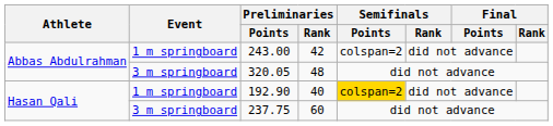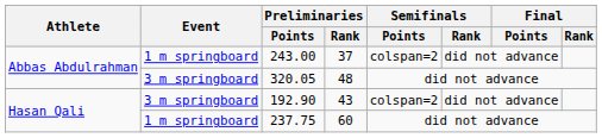 <table class=wikitable style="font-size:90%;">
 <tr>
 <th rowspan="2">Athlete</th>
 <th rowspan="2">Event</th>
 <th colspan="2">Preliminaries</th>
 <th colspan="2">Semifinals</th>
 <th colspan="2">Final</th>
 </tr>
 <tr style="font-size:95%">
 <th>Points</th>
 <th>Rank</th>
 <th>Points</th>
 <th>Rank</th>
 <th>Points</th>
 <th>Rank</th>
 </tr>
 <tr align=center>
 <td align=left rowspan=2><a href='#'>Abbas Abdulrahman</a></td>
 <td align=left><a href='#'>1 m springboard</a></td>
 <td>243.00</td>
-<td>42</td>
+<td>37</td>
 <td>colspan=2 </td>
 <td colspan=2>did not advance</td>
 </tr>
 <tr align=center>
 <td align=left><a href='#'>3 m springboard</a></td>
 <td>320.05</td>
 <td>48</td>
 <td colspan=4>did not advance</td>
 </tr>
 <tr align=center>
 <td align=left rowspan=2><a href='#'>Hasan Qali</a></td>
-<td align=left><a href='#'>1 m springboard</a></td>
+<td align=left><a href='#'>3 m springboard</a></td>
 <td>192.90</td>
-<td>40</td>
-<td style="background: gold;">colspan=2 </td>
+<td>43</td>
+<td>colspan=2 </td>
 <td colspan=2>did not advance</td>
 </tr>
 <tr align=center>
-<td align=left><a href='#'>3 m springboard</a></td>
+<td align=left><a href='#'>1 m springboard</a></td>
 <td>237.75</td>
 <td>60</td>
 <td colspan=4>did not advance</td>
 </tr>
 </table>
